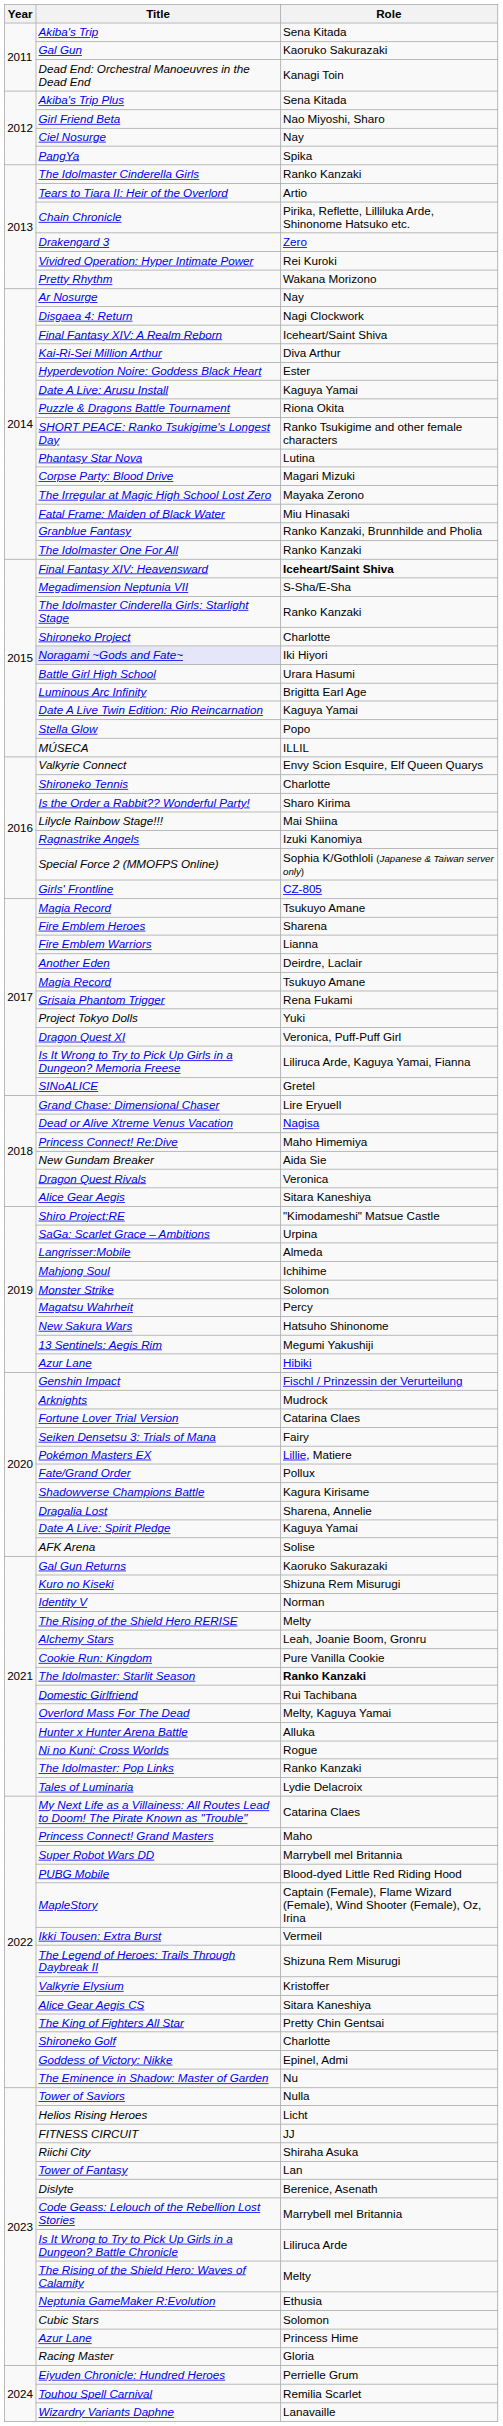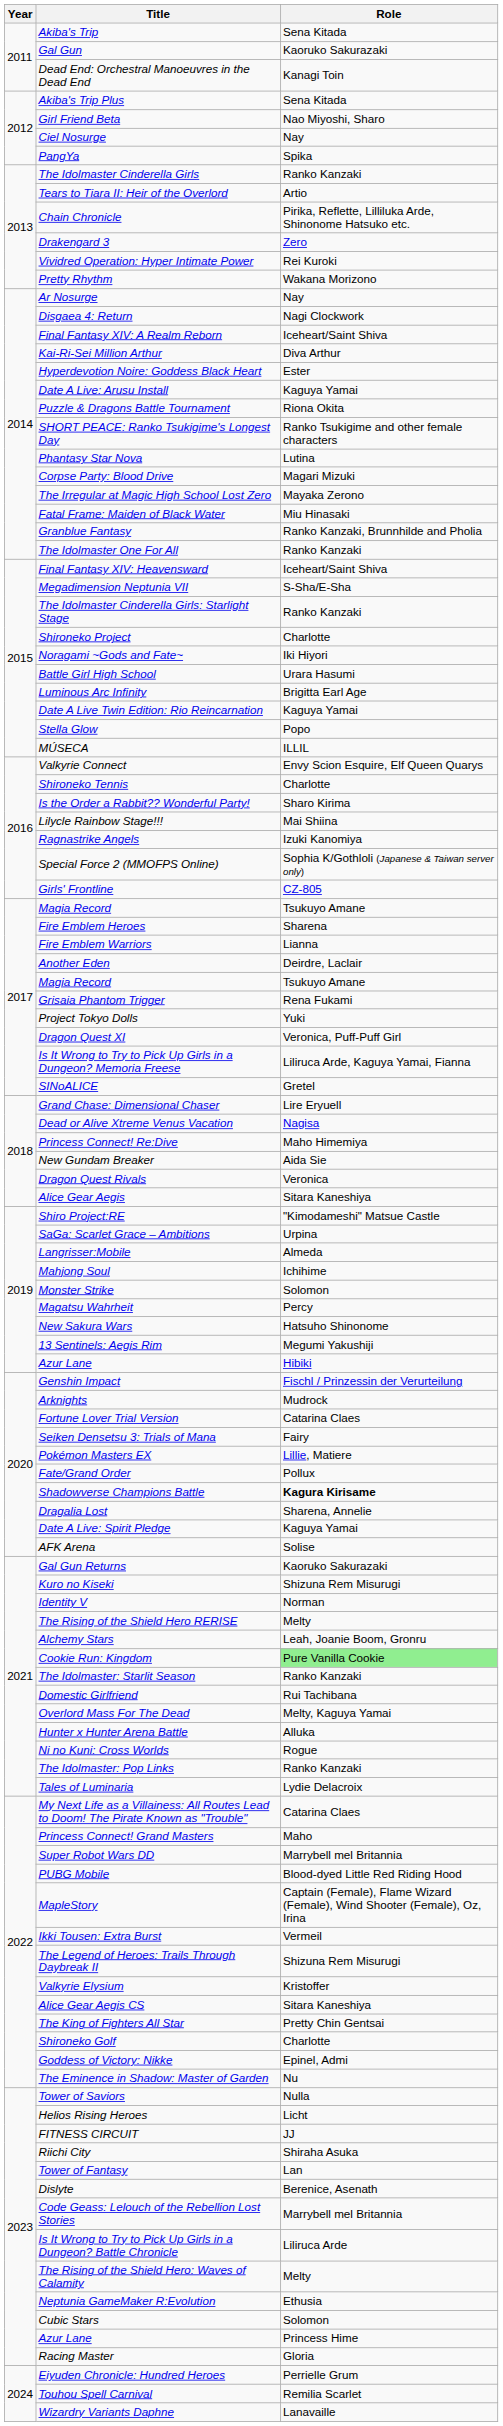 <table class="wikitable" style="font-size: 90%;">
 <tr>
 <th>Year</th>
 <th>Title</th>
 <th>Role</th>
 </tr>
 <tr>
 <td rowspan="3">2011</td>
 <td><em><a href='#'>Akiba's Trip</a></em></td>
 <td>Sena Kitada</td>
 </tr>
 <tr>
 <td><em><a href='#'>Gal Gun</a></em></td>
 <td>Kaoruko Sakurazaki</td>
 </tr>
 <tr>
 <td><em>Dead End: Orchestral Manoeuvres in the Dead End</em></td>
 <td>Kanagi Toin</td>
 </tr>
 <tr>
 <td rowspan="4">2012</td>
 <td><em><a href='#'>Akiba's Trip Plus</a></em></td>
 <td>Sena Kitada</td>
 </tr>
 <tr>
 <td><em><a href='#'>Girl Friend Beta</a></em></td>
 <td>Nao Miyoshi, Sharo</td>
 </tr>
 <tr>
 <td><em><a href='#'>Ciel Nosurge</a></em></td>
 <td>Nay</td>
 </tr>
 <tr>
 <td><em><a href='#'>PangYa</a></em></td>
 <td>Spika</td>
 </tr>
 <tr>
 <td rowspan="6">2013</td>
 <td><em><a href='#'>The Idolmaster Cinderella Girls</a></em></td>
 <td>Ranko Kanzaki</td>
 </tr>
 <tr>
 <td><em><a href='#'>Tears to Tiara II: Heir of the Overlord</a></em></td>
 <td>Artio</td>
 </tr>
 <tr>
 <td><em><a href='#'>Chain Chronicle</a></em></td>
 <td>Pirika, Reflette, Lilliluka Arde, Shinonome Hatsuko etc.</td>
 </tr>
 <tr>
 <td><em><a href='#'>Drakengard 3</a></em></td>
 <td><a href='#'>Zero</a></td>
 </tr>
 <tr>
 <td><em><a href='#'>Vividred Operation: Hyper Intimate Power</a></em></td>
 <td>Rei Kuroki</td>
 </tr>
 <tr>
 <td><em><a href='#'>Pretty Rhythm</a></em></td>
 <td>Wakana Morizono</td>
 </tr>
 <tr>
 <td rowspan="14">2014</td>
 <td><em><a href='#'>Ar Nosurge</a></em></td>
 <td>Nay</td>
 </tr>
 <tr>
 <td><em><a href='#'>Disgaea 4: Return</a></em></td>
 <td>Nagi Clockwork</td>
 </tr>
 <tr>
 <td><em><a href='#'>Final Fantasy XIV: A Realm Reborn</a></em></td>
 <td>Iceheart/Saint Shiva</td>
 </tr>
 <tr>
 <td><em><a href='#'>Kai-Ri-Sei Million Arthur</a></em></td>
 <td>Diva Arthur</td>
 </tr>
 <tr>
 <td><em><a href='#'>Hyperdevotion Noire: Goddess Black Heart</a></em></td>
 <td>Ester</td>
 </tr>
 <tr>
 <td><em><a href='#'>Date A Live: Arusu Install</a></em></td>
 <td>Kaguya Yamai</td>
 </tr>
 <tr>
 <td><em><a href='#'>Puzzle & Dragons Battle Tournament</a></em></td>
 <td>Riona Okita</td>
 </tr>
 <tr>
 <td><em><a href='#'>SHORT PEACE: Ranko Tsukigime's Longest Day</a></em></td>
 <td>Ranko Tsukigime and other female characters</td>
 </tr>
 <tr>
 <td><em><a href='#'>Phantasy Star Nova</a></em></td>
 <td>Lutina</td>
 </tr>
 <tr>
 <td><em><a href='#'>Corpse Party: Blood Drive</a></em></td>
 <td>Magari Mizuki</td>
 </tr>
 <tr>
 <td><em><a href='#'>The Irregular at Magic High School Lost Zero</a></em></td>
 <td>Mayaka Zerono</td>
 </tr>
 <tr>
 <td><em><a href='#'>Fatal Frame: Maiden of Black Water</a></em></td>
 <td>Miu Hinasaki</td>
 </tr>
 <tr>
 <td><em><a href='#'>Granblue Fantasy</a></em></td>
 <td>Ranko Kanzaki, Brunnhilde and Pholia</td>
 </tr>
 <tr>
 <td><em><a href='#'>The Idolmaster One For All</a></em></td>
 <td>Ranko Kanzaki</td>
 </tr>
 <tr>
 <td rowspan="10">2015</td>
 <td><em><a href='#'>Final Fantasy XIV: Heavensward</a></em></td>
-<td><strong>Iceheart/Saint Shiva</strong></td>
+<td>Iceheart/Saint Shiva</td>
 </tr>
 <tr>
 <td><em><a href='#'>Megadimension Neptunia VII</a></em></td>
 <td>S-Sha/E-Sha</td>
 </tr>
 <tr>
 <td><em><a href='#'>The Idolmaster Cinderella Girls: Starlight Stage</a></em></td>
 <td>Ranko Kanzaki</td>
 </tr>
 <tr>
 <td><em><a href='#'>Shironeko Project</a></em></td>
 <td>Charlotte</td>
 </tr>
 <tr>
-<td style="background: lavender;"><em><a href='#'>Noragami ~Gods and Fate~</a></em></td>
+<td><em><a href='#'>Noragami ~Gods and Fate~</a></em></td>
 <td>Iki Hiyori</td>
 </tr>
 <tr>
 <td><em><a href='#'>Battle Girl High School</a></em></td>
 <td>Urara Hasumi</td>
 </tr>
 <tr>
 <td><em><a href='#'>Luminous Arc Infinity</a></em></td>
 <td>Brigitta Earl Age</td>
 </tr>
 <tr>
 <td><em><a href='#'>Date A Live Twin Edition: Rio Reincarnation</a></em></td>
 <td>Kaguya Yamai</td>
 </tr>
 <tr>
 <td><em><a href='#'>Stella Glow</a></em></td>
 <td>Popo</td>
 </tr>
 <tr>
 <td><em>MÚSECA</em></td>
 <td>ILLIL</td>
 </tr>
 <tr>
 <td rowspan="7">2016</td>
 <td><em>Valkyrie Connect</em></td>
 <td>Envy Scion Esquire, Elf Queen Quarys</td>
 </tr>
 <tr>
 <td><em><a href='#'>Shironeko Tennis</a></em></td>
 <td>Charlotte</td>
 </tr>
 <tr>
 <td><em><a href='#'>Is the Order a Rabbit?? Wonderful Party!</a></em></td>
 <td>Sharo Kirima</td>
 </tr>
 <tr>
 <td><em>Lilycle Rainbow Stage!!!</em></td>
 <td>Mai Shiina</td>
 </tr>
 <tr>
 <td><em><a href='#'>Ragnastrike Angels</a></em></td>
 <td>Izuki Kanomiya</td>
 </tr>
 <tr>
 <td><em>Special Force 2 (MMOFPS Online)</em></td>
 <td>Sophia K/Gothloli <small>(<em>Japanese & Taiwan server only</em>)</small></td>
 </tr>
 <tr>
 <td><em><a href='#'>Girls' Frontline</a></em></td>
 <td><a href='#'>CZ-805</a></td>
 </tr>
 <tr>
 <td rowspan="10">2017</td>
 <td><em><a href='#'>Magia Record</a></em></td>
 <td>Tsukuyo Amane</td>
 </tr>
 <tr>
 <td><em><a href='#'>Fire Emblem Heroes</a></em></td>
 <td>Sharena</td>
 </tr>
 <tr>
 <td><em><a href='#'>Fire Emblem Warriors</a></em></td>
 <td>Lianna</td>
 </tr>
 <tr>
 <td><em><a href='#'>Another Eden</a></em></td>
 <td>Deirdre, Laclair</td>
 </tr>
 <tr>
 <td><em><a href='#'>Magia Record</a></em></td>
 <td>Tsukuyo Amane</td>
 </tr>
 <tr>
 <td><em><a href='#'>Grisaia Phantom Trigger</a></em></td>
 <td>Rena Fukami</td>
 </tr>
 <tr>
 <td><em>Project Tokyo Dolls</em></td>
 <td>Yuki</td>
 </tr>
 <tr>
 <td><em><a href='#'>Dragon Quest XI</a></em></td>
 <td>Veronica, Puff-Puff Girl</td>
 </tr>
 <tr>
 <td><em><a href='#'>Is It Wrong to Try to Pick Up Girls in a Dungeon? Memoria Freese</a></em></td>
 <td>Liliruca Arde, Kaguya Yamai, Fianna</td>
 </tr>
 <tr>
 <td><em><a href='#'>SINoALICE</a></em></td>
 <td>Gretel</td>
 </tr>
 <tr>
 <td rowspan="6">2018</td>
 <td><em><a href='#'>Grand Chase: Dimensional Chaser</a></em></td>
 <td>Lire Eryuell</td>
 </tr>
 <tr>
 <td><em><a href='#'>Dead or Alive Xtreme Venus Vacation</a></em></td>
 <td><a href='#'>Nagisa</a></td>
 </tr>
 <tr>
 <td><em><a href='#'>Princess Connect! Re:Dive</a></em></td>
 <td>Maho Himemiya</td>
 </tr>
 <tr>
 <td><em>New Gundam Breaker</em></td>
 <td>Aida Sie</td>
 </tr>
 <tr>
 <td><em><a href='#'>Dragon Quest Rivals</a></em></td>
 <td>Veronica</td>
 </tr>
 <tr>
 <td><em><a href='#'>Alice Gear Aegis</a></em></td>
 <td>Sitara Kaneshiya</td>
 </tr>
 <tr>
 <td rowspan="9">2019</td>
 <td><em><a href='#'>Shiro Project:RE</a></em></td>
 <td>"Kimodameshi" Matsue Castle</td>
 </tr>
 <tr>
 <td><em><a href='#'>SaGa: Scarlet Grace – Ambitions</a></em></td>
 <td>Urpina</td>
 </tr>
 <tr>
 <td><em><a href='#'>Langrisser:Mobile</a></em></td>
 <td>Almeda</td>
 </tr>
 <tr>
 <td><em><a href='#'>Mahjong Soul</a></em></td>
 <td>Ichihime</td>
 </tr>
 <tr>
 <td><em><a href='#'>Monster Strike</a></em></td>
 <td>Solomon</td>
 </tr>
 <tr>
 <td><em><a href='#'>Magatsu Wahrheit</a></em></td>
 <td>Percy</td>
 </tr>
 <tr>
 <td><em><a href='#'>New Sakura Wars</a></em></td>
 <td>Hatsuho Shinonome</td>
 </tr>
 <tr>
 <td><em><a href='#'>13 Sentinels: Aegis Rim</a></em></td>
 <td>Megumi Yakushiji</td>
 </tr>
 <tr>
 <td><em><a href='#'>Azur Lane</a></em></td>
 <td><a href='#'>Hibiki</a></td>
 </tr>
 <tr>
 <td rowspan="10">2020</td>
 <td><em><a href='#'>Genshin Impact</a></em></td>
 <td><a href='#'>Fischl / Prinzessin der Verurteilung</a></td>
 </tr>
 <tr>
 <td><em><a href='#'>Arknights</a></em></td>
 <td>Mudrock</td>
 </tr>
 <tr>
 <td><em><a href='#'>Fortune Lover Trial Version</a></em></td>
 <td>Catarina Claes</td>
 </tr>
 <tr>
 <td><em><a href='#'>Seiken Densetsu 3: Trials of Mana</a></em></td>
 <td>Fairy</td>
 </tr>
 <tr>
 <td><em><a href='#'>Pokémon Masters EX</a></em></td>
 <td><a href='#'>Lillie</a>, Matiere</td>
 </tr>
 <tr>
 <td><em><a href='#'>Fate/Grand Order</a></em></td>
 <td>Pollux</td>
 </tr>
 <tr>
 <td><em><a href='#'>Shadowverse Champions Battle</a></em></td>
-<td>Kagura Kirisame</td>
+<td><strong>Kagura Kirisame</strong></td>
 </tr>
 <tr>
 <td><em><a href='#'>Dragalia Lost</a></em></td>
 <td>Sharena, Annelie</td>
 </tr>
 <tr>
 <td><em><a href='#'>Date A Live: Spirit Pledge</a></em></td>
 <td>Kaguya Yamai</td>
 </tr>
 <tr>
 <td><em>AFK Arena</em></td>
 <td>Solise</td>
 </tr>
 <tr>
 <td rowspan="13">2021</td>
 <td><em><a href='#'>Gal Gun Returns</a></em></td>
 <td>Kaoruko Sakurazaki</td>
 </tr>
 <tr>
 <td><em><a href='#'>Kuro no Kiseki</a></em></td>
 <td>Shizuna Rem Misurugi</td>
 </tr>
 <tr>
 <td><em><a href='#'>Identity V</a></em></td>
 <td>Norman</td>
 </tr>
 <tr>
 <td><em><a href='#'>The Rising of the Shield Hero RERISE</a></em></td>
 <td>Melty</td>
 </tr>
 <tr>
 <td><em><a href='#'>Alchemy Stars</a></em></td>
 <td>Leah, Joanie Boom, Gronru</td>
 </tr>
 <tr>
 <td><em><a href='#'>Cookie Run: Kingdom</a></em></td>
-<td>Pure Vanilla Cookie</td>
+<td style="background: lightgreen;">Pure Vanilla Cookie</td>
 </tr>
 <tr>
 <td><em><a href='#'>The Idolmaster: Starlit Season</a></em></td>
-<td><strong>Ranko Kanzaki</strong></td>
+<td>Ranko Kanzaki</td>
 </tr>
 <tr>
 <td><em><a href='#'>Domestic Girlfriend</a></em></td>
 <td>Rui Tachibana</td>
 </tr>
 <tr>
 <td><em><a href='#'>Overlord Mass For The Dead</a></em></td>
 <td>Melty, Kaguya Yamai</td>
 </tr>
 <tr>
 <td><em><a href='#'>Hunter x Hunter Arena Battle</a></em></td>
 <td>Alluka</td>
 </tr>
 <tr>
 <td><em><a href='#'>Ni no Kuni: Cross Worlds</a></em></td>
 <td>Rogue</td>
 </tr>
 <tr>
 <td><em><a href='#'>The Idolmaster: Pop Links</a></em></td>
 <td>Ranko Kanzaki</td>
 </tr>
 <tr>
 <td><em><a href='#'>Tales of Luminaria</a></em></td>
 <td>Lydie Delacroix</td>
 </tr>
 <tr>
 <td rowspan="13">2022</td>
 <td><em><a href='#'>My Next Life as a Villainess: All Routes Lead to Doom! The Pirate Known as "Trouble"</a></em></td>
 <td>Catarina Claes</td>
 </tr>
 <tr>
 <td><em><a href='#'>Princess Connect! Grand Masters</a></em></td>
 <td>Maho</td>
 </tr>
 <tr>
 <td><em><a href='#'>Super Robot Wars DD</a></em></td>
 <td>Marrybell mel Britannia</td>
 </tr>
 <tr>
 <td><em><a href='#'>PUBG Mobile</a></em></td>
 <td>Blood-dyed Little Red Riding Hood</td>
 </tr>
 <tr>
 <td><em><a href='#'>MapleStory</a></em></td>
 <td>Captain (Female), Flame Wizard (Female), Wind Shooter (Female), Oz, Irina</td>
 </tr>
 <tr>
 <td><em><a href='#'>Ikki Tousen: Extra Burst</a></em></td>
 <td>Vermeil</td>
 </tr>
 <tr>
 <td><em><a href='#'>The Legend of Heroes: Trails Through Daybreak II</a></em></td>
 <td>Shizuna Rem Misurugi</td>
 </tr>
 <tr>
 <td><em><a href='#'>Valkyrie Elysium</a></em></td>
 <td>Kristoffer</td>
 </tr>
 <tr>
 <td><em><a href='#'>Alice Gear Aegis CS</a></em></td>
 <td>Sitara Kaneshiya</td>
 </tr>
 <tr>
 <td><em><a href='#'>The King of Fighters All Star</a></em></td>
 <td>Pretty Chin Gentsai</td>
 </tr>
 <tr>
 <td><em><a href='#'>Shironeko Golf</a></em></td>
 <td>Charlotte</td>
 </tr>
 <tr>
 <td><em><a href='#'>Goddess of Victory: Nikke</a></em></td>
 <td>Epinel, Admi</td>
 </tr>
 <tr>
 <td><em><a href='#'>The Eminence in Shadow: Master of Garden</a></em></td>
 <td>Nu</td>
 </tr>
 <tr>
 <td rowspan="13">2023</td>
 <td><em><a href='#'>Tower of Saviors</a></em></td>
 <td>Nulla</td>
 </tr>
 <tr>
 <td><em>Helios Rising Heroes</em></td>
 <td>Licht</td>
 </tr>
 <tr>
 <td><em>FITNESS CIRCUIT</em></td>
 <td>JJ</td>
 </tr>
 <tr>
 <td><em>Riichi City</em></td>
 <td>Shiraha Asuka</td>
 </tr>
 <tr>
 <td><em><a href='#'>Tower of Fantasy</a></em></td>
 <td>Lan</td>
 </tr>
 <tr>
 <td><em>Dislyte</em></td>
 <td>Berenice, Asenath</td>
 </tr>
 <tr>
 <td><em><a href='#'>Code Geass: Lelouch of the Rebellion Lost Stories</a></em></td>
 <td>Marrybell mel Britannia</td>
 </tr>
 <tr>
 <td><em><a href='#'>Is It Wrong to Try to Pick Up Girls in a Dungeon? Battle Chronicle</a></em></td>
 <td>Liliruca Arde</td>
 </tr>
 <tr>
 <td><em><a href='#'>The Rising of the Shield Hero: Waves of Calamity</a></em></td>
 <td>Melty</td>
 </tr>
 <tr>
 <td><em><a href='#'>Neptunia GameMaker R:Evolution</a></em></td>
 <td>Ethusia</td>
 </tr>
 <tr>
 <td><em>Cubic Stars</em></td>
 <td>Solomon</td>
 </tr>
 <tr>
 <td><em><a href='#'>Azur Lane</a></em></td>
 <td>Princess Hime</td>
 </tr>
 <tr>
 <td><em>Racing Master</em></td>
 <td>Gloria</td>
 </tr>
 <tr>
 <td rowspan="3">2024</td>
 <td><em><a href='#'>Eiyuden Chronicle: Hundred Heroes</a></em></td>
 <td>Perrielle Grum</td>
 </tr>
 <tr>
 <td><em><a href='#'>Touhou Spell Carnival</a></em></td>
 <td>Remilia Scarlet</td>
 </tr>
 <tr>
 <td><em><a href='#'>Wizardry Variants Daphne</a></em></td>
 <td>Lanavaille</td>
 </tr>
 </table>
